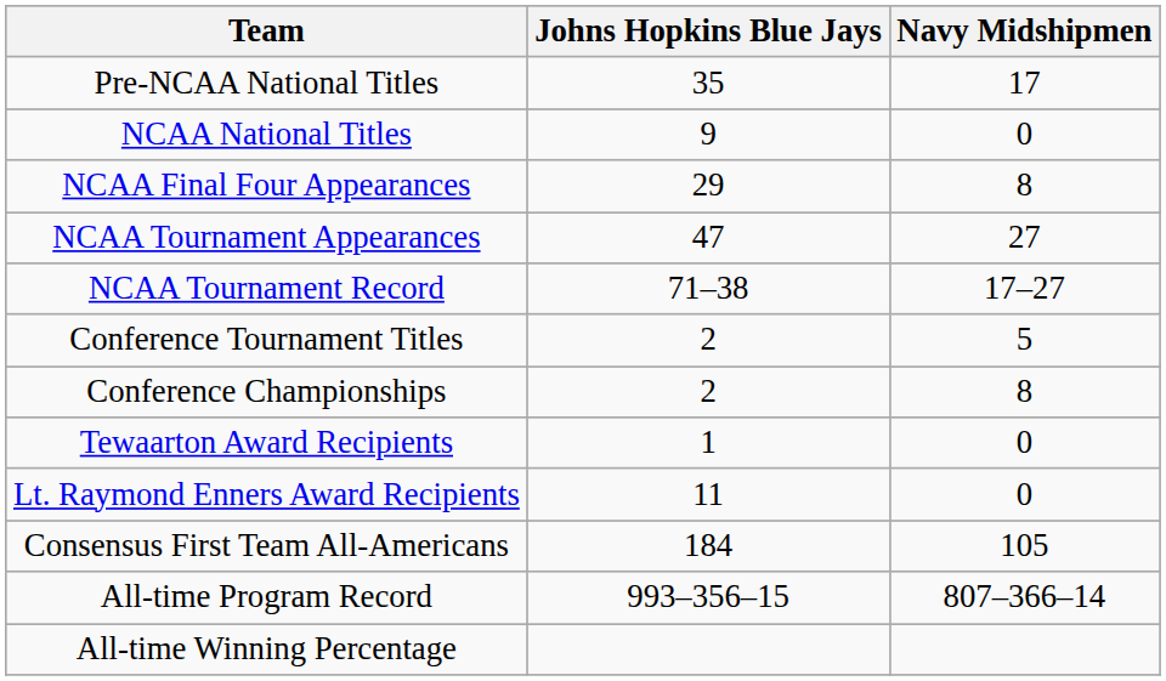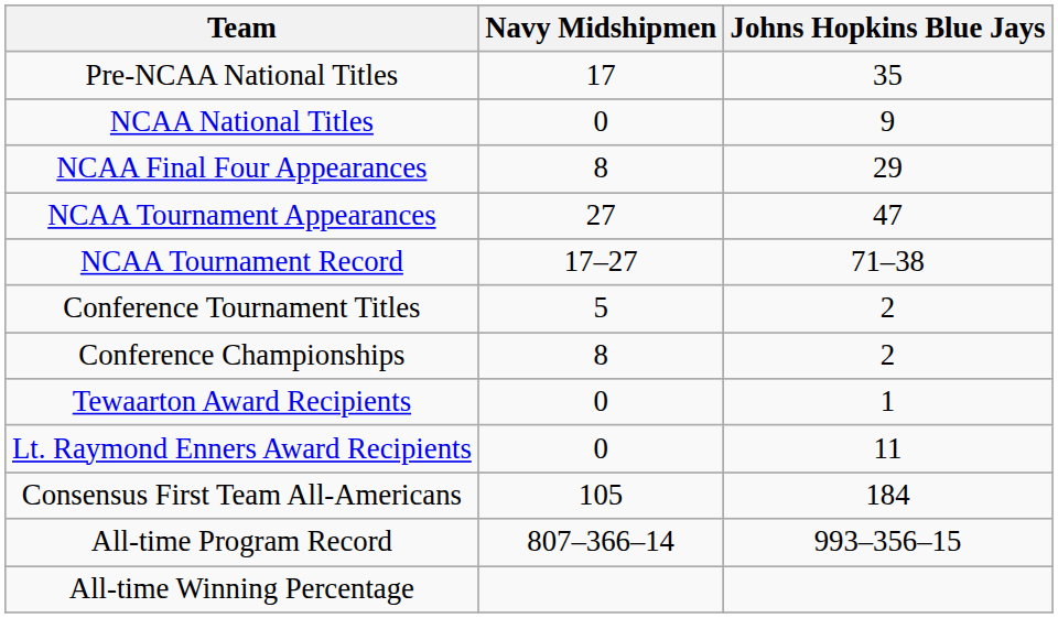 <table class="wikitable" style="text-align:center;">
 <tr>
 <th>Team</th>
+<th>Navy Midshipmen</th>
 <th>Johns Hopkins Blue Jays</th>
-<th>Navy Midshipmen</th>
 </tr>
 <tr>
 <td>Pre-NCAA National Titles</td>
+<td>17</td>
 <td style=>35</td>
-<td>17</td>
 </tr>
 <tr>
 <td><a href='#'>NCAA National Titles</a></td>
+<td>0</td>
 <td style=>9</td>
-<td>0</td>
 </tr>
 <tr>
 <td><a href='#'>NCAA Final Four Appearances</a></td>
+<td>8</td>
 <td>29</td>
-<td>8</td>
 </tr>
 <tr>
 <td><a href='#'>NCAA Tournament Appearances</a></td>
+<td>27</td>
 <td>47</td>
-<td>27</td>
 </tr>
 <tr>
 <td><a href='#'>NCAA Tournament Record</a></td>
+<td>17–27</td>
 <td>71–38</td>
-<td>17–27</td>
 </tr>
 <tr>
 <td>Conference Tournament Titles</td>
+<td>5</td>
 <td>2</td>
-<td>5</td>
 </tr>
 <tr>
 <td>Conference Championships</td>
+<td>8</td>
 <td>2</td>
-<td>8</td>
 </tr>
 <tr>
 <td><a href='#'>Tewaarton Award Recipients</a></td>
+<td>0</td>
 <td>1</td>
-<td>0</td>
 </tr>
 <tr>
 <td><a href='#'>Lt. Raymond Enners Award Recipients</a></td>
+<td>0</td>
 <td>11</td>
-<td>0</td>
 </tr>
 <tr>
 <td>Consensus First Team All-Americans</td>
+<td>105</td>
 <td>184</td>
-<td>105</td>
 </tr>
 <tr>
 <td>All-time Program Record</td>
+<td>807–366–14</td>
 <td>993–356–15</td>
-<td>807–366–14</td>
 </tr>
 <tr>
 <td>All-time Winning Percentage</td>
 <td></td>
 <td></td>
 </tr>
 </table>
